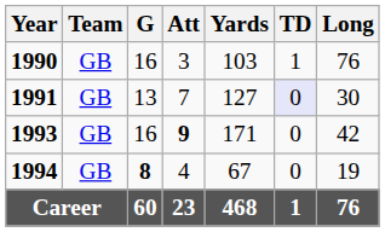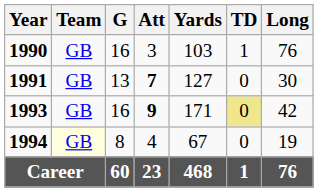 <table class="wikitable sortable" style="text-align:center;">
 <tr>
 <th>Year</th>
 <th>Team</th>
 <th>G</th>
 <th>Att</th>
 <th>Yards</th>
 <th>TD</th>
 <th>Long</th>
 </tr>
 <tr>
 <td><strong>1990</strong></td>
 <td><a href='#'>GB</a></td>
 <td>16</td>
 <td>3</td>
 <td>103</td>
 <td>1</td>
 <td>76</td>
 </tr>
 <tr>
 <td><strong>1991</strong></td>
 <td><a href='#'>GB</a></td>
 <td>13</td>
-<td>7</td>
+<td><strong>7</strong></td>
 <td>127</td>
-<td style="background: lavender;">0</td>
+<td>0</td>
 <td>30</td>
 </tr>
 <tr>
 <td><strong>1993</strong></td>
 <td><a href='#'>GB</a></td>
 <td>16</td>
 <td><strong>9</strong></td>
 <td>171</td>
-<td>0</td>
+<td style="background: khaki;">0</td>
 <td>42</td>
 </tr>
 <tr>
 <td><strong>1994</strong></td>
-<td><a href='#'>GB</a></td>
-<td><strong>8</strong></td>
+<td style="background: lightyellow;"><a href='#'>GB</a></td>
+<td>8</td>
 <td>4</td>
 <td>67</td>
 <td>0</td>
 <td>19</td>
 </tr>
 <tr style="background:#555555;font-weight:bold;color:white;">
 <td colspan=2>Career</td>
 <td>60</td>
 <td>23</td>
 <td>468</td>
 <td>1</td>
 <td>76</td>
 </tr>
 <tr>
 </tr>
 </table>
